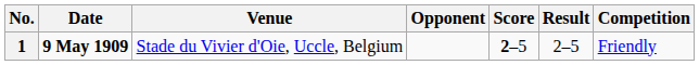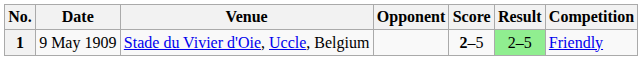 <table class="wikitable sortable plainrowheaders">
 <tr>
 <th scope=col>No.</th>
 <th scope=col>Date</th>
 <th scope=col>Venue</th>
 <th scope=col>Opponent</th>
 <th scope=col>Score</th>
 <th scope=col>Result</th>
 <th scope=col>Competition</th>
 </tr>
 <tr>
 <th scope=row style=text-align:center>1</th>
-<td><strong>9 May 1909</strong></td>
+<td>9 May 1909</td>
 <td><a href='#'>Stade du Vivier d'Oie</a>, <a href='#'>Uccle</a>, Belgium</td>
 <td></td>
 <td align=center><strong>2</strong>–5</td>
-<td align=center>2–5</td>
+<td align=center style="background: lightgreen;">2–5</td>
 <td><a href='#'>Friendly</a></td>
 </tr>
 <tr>
 </tr>
 </table>
